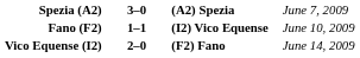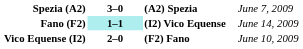 <table width="100%" cellspacing="1">
 <tr>
 <th width="20%"></th>
 <th width="12%"></th>
 <th width="20%"></th>
 <th width="20%'"></th>
 <th></th>
 </tr>
 <tr style="font-size:90%;">
 <td align="right"><strong>Spezia (A2)</strong></td>
 <td align="center"><strong>3–0</strong></td>
 <td align="left"><strong>(A2) Spezia</strong></td>
 <td align="left"><em>June 7, 2009</em></td>
 </tr>
 <tr style="font-size:90%;">
 <td align="right"><strong>Fano (F2)</strong></td>
-<td align="center"><strong>1–1</strong></td>
+<td align="center" style="background: paleturquoise;"><strong>1–1</strong></td>
 <td align="left"><strong>(I2) Vico Equense</strong></td>
-<td align="left"><em>June 10, 2009</em></td>
+<td align="left"><em>June 14, 2009</em></td>
 </tr>
 <tr style="font-size:90%;">
 <td align="right"><strong>Vico Equense (I2)</strong></td>
 <td align="center"><strong>2–0</strong></td>
 <td align="left"><strong>(F2) Fano</strong></td>
-<td align="left"><em>June 14, 2009</em></td>
+<td align="left"><em>June 10, 2009</em></td>
 </tr>
 </table>
